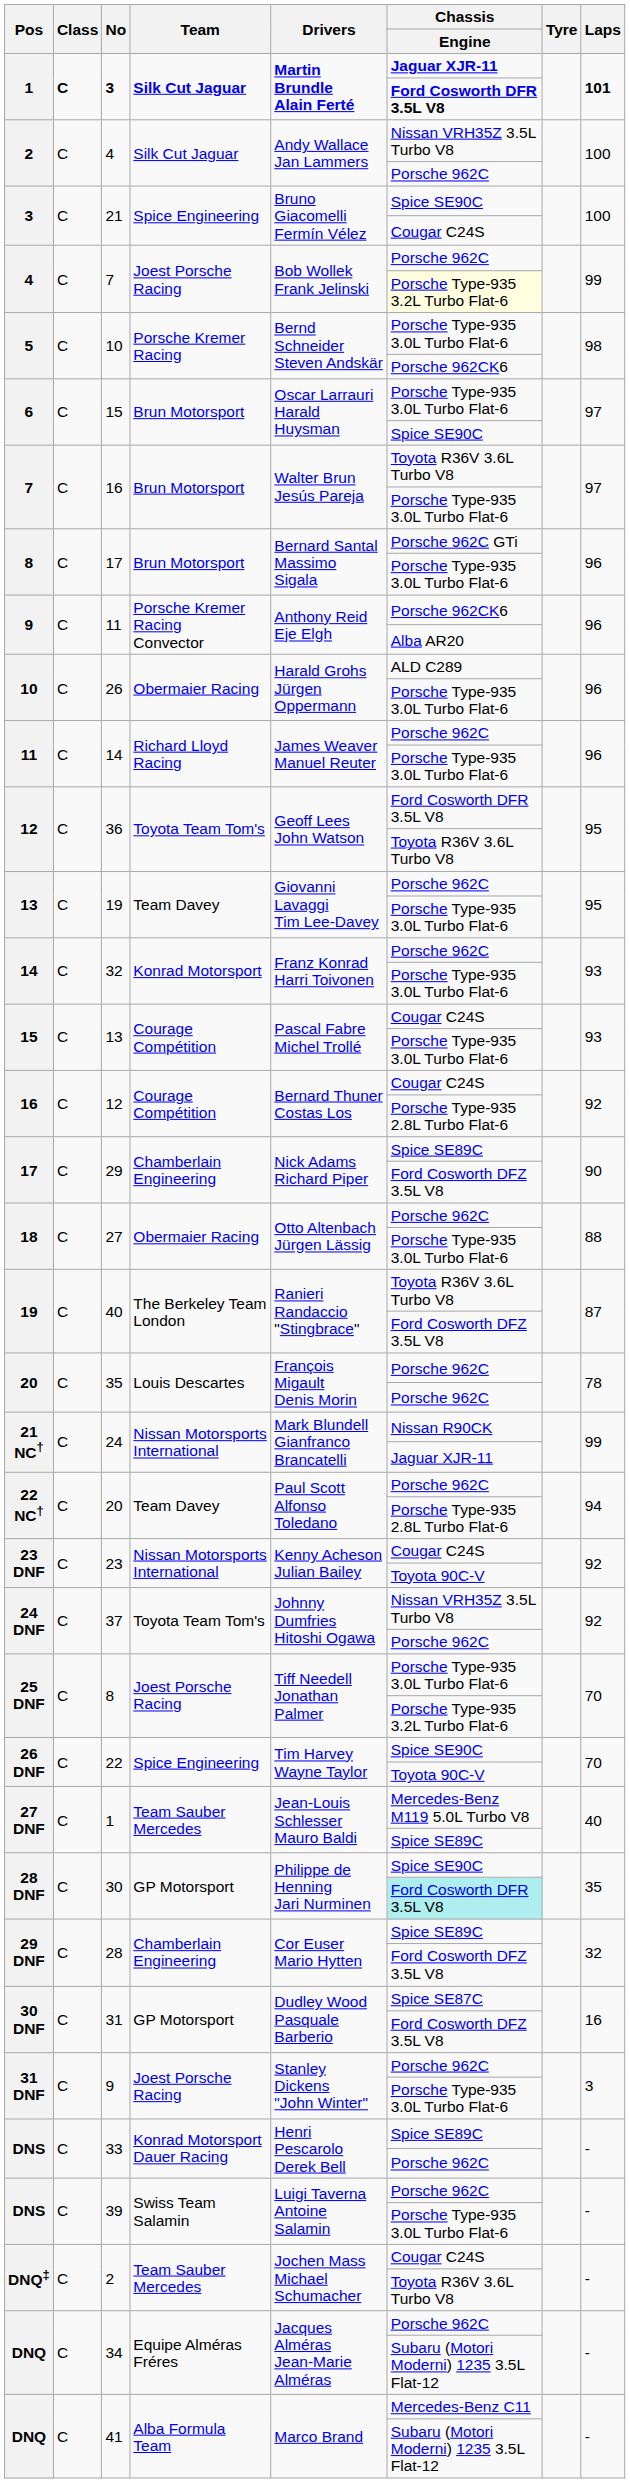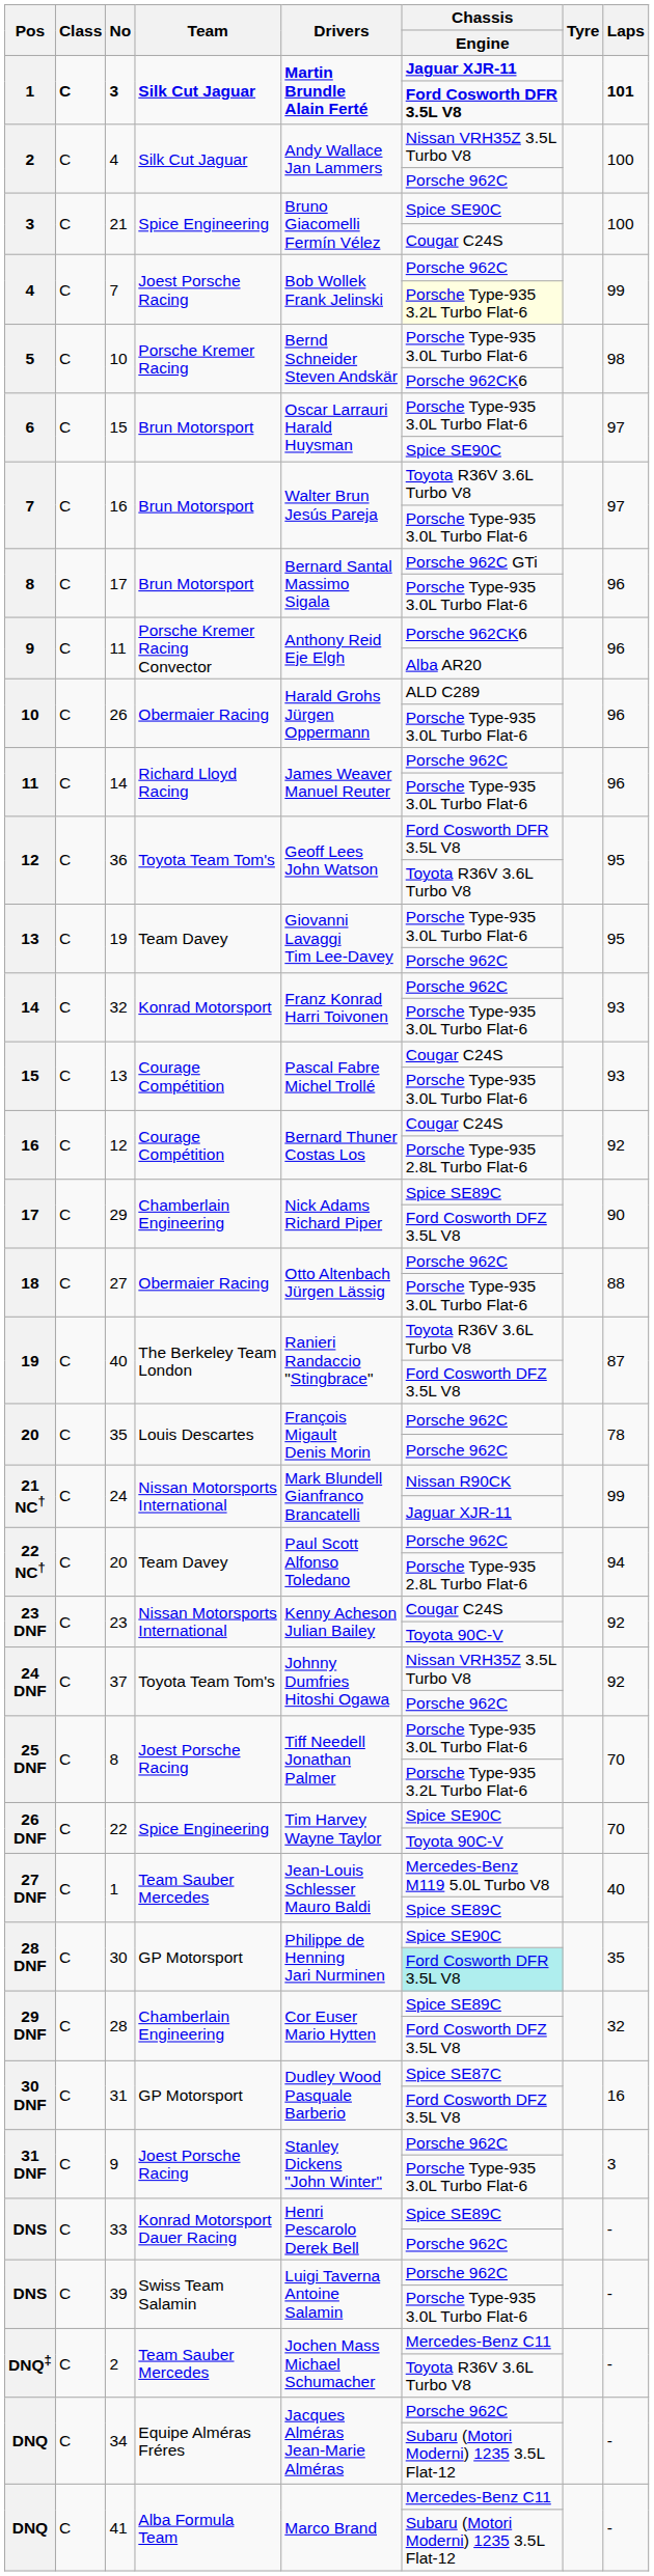 <table class="wikitable" style="font-size: 95%;">
 <tr>
 <th rowspan=2>Pos</th>
 <th rowspan=2>Class</th>
 <th rowspan=2>No</th>
 <th rowspan=2>Team</th>
 <th rowspan=2>Drivers</th>
 <th>Chassis</th>
 <th rowspan=2>Tyre</th>
 <th rowspan=2>Laps</th>
 </tr>
 <tr>
 <th>Engine</th>
 </tr>
 <tr style="font-weight:bold">
 <th rowspan=2>1</th>
 <td rowspan=2>C</td>
 <td rowspan=2>3</td>
 <td rowspan=2> <a href='#'>Silk Cut Jaguar</a></td>
 <td rowspan=2> <a href='#'>Martin Brundle</a><br> <a href='#'>Alain Ferté</a></td>
 <td><a href='#'>Jaguar XJR-11</a></td>
 <td rowspan=2></td>
 <td rowspan=2>101</td>
 </tr>
 <tr style="font-weight:bold">
 <td><a href='#'>Ford Cosworth DFR</a> 3.5L V8</td>
 </tr>
 <tr>
 <th rowspan=2>2</th>
 <td rowspan=2>C</td>
 <td rowspan=2>4</td>
 <td rowspan=2> <a href='#'>Silk Cut Jaguar</a></td>
 <td rowspan=2> <a href='#'>Andy Wallace</a><br> <a href='#'>Jan Lammers</a></td>
 <td><a href='#'>Nissan VRH35Z</a> 3.5L Turbo V8</td>
 <td rowspan=2></td>
 <td rowspan=2>100</td>
 </tr>
 <tr>
 <td><a href='#'>Porsche 962C</a></td>
 </tr>
 <tr>
 <th rowspan=2>3</th>
 <td rowspan=2>C</td>
 <td rowspan=2>21</td>
 <td rowspan=2> <a href='#'>Spice Engineering</a></td>
 <td rowspan=2> <a href='#'>Bruno Giacomelli</a><br> <a href='#'>Fermín Vélez</a></td>
 <td><a href='#'>Spice SE90C</a></td>
 <td rowspan=2></td>
 <td rowspan=2>100</td>
 </tr>
 <tr>
 <td><a href='#'>Cougar</a> C24S</td>
 </tr>
 <tr>
 <th rowspan=2>4</th>
 <td rowspan=2>C</td>
 <td rowspan=2>7</td>
 <td rowspan=2> <a href='#'>Joest Porsche Racing</a></td>
 <td rowspan=2> <a href='#'>Bob Wollek</a><br> <a href='#'>Frank Jelinski</a></td>
 <td><a href='#'>Porsche 962C</a></td>
 <td rowspan=2></td>
 <td rowspan=2>99</td>
 </tr>
 <tr>
 <td style="background: lightyellow;"><a href='#'>Porsche</a> Type-935 3.2L Turbo Flat-6</td>
 </tr>
 <tr>
 <th rowspan=2>5</th>
 <td rowspan=2>C</td>
 <td rowspan=2>10</td>
 <td rowspan=2> <a href='#'>Porsche Kremer Racing</a></td>
 <td rowspan=2> <a href='#'>Bernd Schneider</a><br> <a href='#'>Steven Andskär</a></td>
 <td><a href='#'>Porsche</a> Type-935 3.0L Turbo Flat-6</td>
 <td rowspan=2></td>
 <td rowspan=2>98</td>
 </tr>
 <tr>
 <td><a href='#'>Porsche 962CK</a>6</td>
 </tr>
 <tr>
 <th rowspan=2>6</th>
 <td rowspan=2>C</td>
 <td rowspan=2>15</td>
 <td rowspan=2> <a href='#'>Brun Motorsport</a></td>
 <td rowspan=2> <a href='#'>Oscar Larrauri</a><br> <a href='#'>Harald Huysman</a></td>
 <td><a href='#'>Porsche</a> Type-935 3.0L Turbo Flat-6</td>
 <td rowspan=2></td>
 <td rowspan=2>97</td>
 </tr>
 <tr>
 <td><a href='#'>Spice SE90C</a></td>
 </tr>
 <tr>
 <th rowspan=2>7</th>
 <td rowspan=2>C</td>
 <td rowspan=2>16</td>
 <td rowspan=2> <a href='#'>Brun Motorsport</a></td>
 <td rowspan=2> <a href='#'>Walter Brun</a><br> <a href='#'>Jesús Pareja</a></td>
 <td><a href='#'>Toyota</a> R36V 3.6L Turbo V8</td>
 <td rowspan=2></td>
 <td rowspan=2>97</td>
 </tr>
 <tr>
 <td><a href='#'>Porsche</a> Type-935 3.0L Turbo Flat-6</td>
 </tr>
 <tr>
 <th rowspan=2>8</th>
 <td rowspan=2>C</td>
 <td rowspan=2>17</td>
 <td rowspan=2> <a href='#'>Brun Motorsport</a></td>
 <td rowspan=2> <a href='#'>Bernard Santal</a><br> <a href='#'>Massimo Sigala</a></td>
 <td><a href='#'>Porsche 962C</a> GTi</td>
 <td rowspan=2></td>
 <td rowspan=2>96</td>
 </tr>
 <tr>
 <td><a href='#'>Porsche</a> Type-935 3.0L Turbo Flat-6</td>
 </tr>
 <tr>
 <th rowspan=2>9</th>
 <td rowspan=2>C</td>
 <td rowspan=2>11</td>
 <td rowspan=2> <a href='#'>Porsche Kremer Racing</a><br> Convector</td>
 <td rowspan=2> <a href='#'>Anthony Reid</a><br> <a href='#'>Eje Elgh</a></td>
 <td><a href='#'>Porsche 962CK</a>6</td>
 <td rowspan=2></td>
 <td rowspan=2>96</td>
 </tr>
 <tr>
 <td><a href='#'>Alba</a> AR20</td>
 </tr>
 <tr>
 <th rowspan=2>10</th>
 <td rowspan=2>C</td>
 <td rowspan=2>26</td>
 <td rowspan=2> <a href='#'>Obermaier Racing</a></td>
 <td rowspan=2> <a href='#'>Harald Grohs</a><br> <a href='#'>Jürgen Oppermann</a></td>
 <td>ALD C289</td>
 <td rowspan=2></td>
 <td rowspan=2>96</td>
 </tr>
 <tr>
 <td><a href='#'>Porsche</a> Type-935 3.0L Turbo Flat-6</td>
 </tr>
 <tr>
 <th rowspan=2>11</th>
 <td rowspan=2>C</td>
 <td rowspan=2>14</td>
 <td rowspan=2> <a href='#'>Richard Lloyd Racing</a></td>
 <td rowspan=2> <a href='#'>James Weaver</a><br> <a href='#'>Manuel Reuter</a></td>
 <td><a href='#'>Porsche 962C</a></td>
 <td rowspan=2></td>
 <td rowspan=2>96</td>
 </tr>
 <tr>
 <td><a href='#'>Porsche</a> Type-935 3.0L Turbo Flat-6</td>
 </tr>
 <tr>
 <th rowspan=2>12</th>
 <td rowspan=2>C</td>
 <td rowspan=2>36</td>
 <td rowspan=2> <a href='#'>Toyota Team Tom's</a></td>
 <td rowspan=2> <a href='#'>Geoff Lees</a><br> <a href='#'>John Watson</a></td>
 <td><a href='#'>Ford Cosworth DFR</a> 3.5L V8</td>
 <td rowspan=2></td>
 <td rowspan=2>95</td>
 </tr>
 <tr>
 <td><a href='#'>Toyota</a> R36V 3.6L Turbo V8</td>
 </tr>
 <tr>
 <th rowspan=2>13</th>
 <td rowspan=2>C</td>
 <td rowspan=2>19</td>
 <td rowspan=2> Team Davey</td>
 <td rowspan=2> <a href='#'>Giovanni Lavaggi</a><br> <a href='#'>Tim Lee-Davey</a></td>
-<td><a href='#'>Porsche 962C</a></td>
+<td><a href='#'>Porsche</a> Type-935 3.0L Turbo Flat-6</td>
 <td rowspan=2></td>
 <td rowspan=2>95</td>
 </tr>
 <tr>
-<td><a href='#'>Porsche</a> Type-935 3.0L Turbo Flat-6</td>
+<td><a href='#'>Porsche 962C</a></td>
 </tr>
 <tr>
 <th rowspan=2>14</th>
 <td rowspan=2>C</td>
 <td rowspan=2>32</td>
 <td rowspan=2> <a href='#'>Konrad Motorsport</a></td>
 <td rowspan=2> <a href='#'>Franz Konrad</a><br> <a href='#'>Harri Toivonen</a></td>
 <td><a href='#'>Porsche 962C</a></td>
 <td rowspan=2></td>
 <td rowspan=2>93</td>
 </tr>
 <tr>
 <td><a href='#'>Porsche</a> Type-935 3.0L Turbo Flat-6</td>
 </tr>
 <tr>
 <th rowspan=2>15</th>
 <td rowspan=2>C</td>
 <td rowspan=2>13</td>
 <td rowspan=2> <a href='#'>Courage Compétition</a></td>
 <td rowspan=2> <a href='#'>Pascal Fabre</a><br> <a href='#'>Michel Trollé</a></td>
 <td><a href='#'>Cougar</a> C24S</td>
 <td rowspan=2></td>
 <td rowspan=2>93</td>
 </tr>
 <tr>
 <td><a href='#'>Porsche</a> Type-935 3.0L Turbo Flat-6</td>
 </tr>
 <tr>
 <th rowspan=2>16</th>
 <td rowspan=2>C</td>
 <td rowspan=2>12</td>
 <td rowspan=2> <a href='#'>Courage Compétition</a></td>
 <td rowspan=2> <a href='#'>Bernard Thuner</a><br> <a href='#'>Costas Los</a></td>
 <td><a href='#'>Cougar</a> C24S</td>
 <td rowspan=2></td>
 <td rowspan=2>92</td>
 </tr>
 <tr>
 <td><a href='#'>Porsche</a> Type-935 2.8L Turbo Flat-6</td>
 </tr>
 <tr>
 <th rowspan=2>17</th>
 <td rowspan=2>C</td>
 <td rowspan=2>29</td>
 <td rowspan=2> <a href='#'>Chamberlain Engineering</a></td>
 <td rowspan=2> <a href='#'>Nick Adams</a><br> <a href='#'>Richard Piper</a></td>
 <td><a href='#'>Spice SE89C</a></td>
 <td rowspan=2></td>
 <td rowspan=2>90</td>
 </tr>
 <tr>
 <td><a href='#'>Ford Cosworth DFZ</a> 3.5L V8</td>
 </tr>
 <tr>
 <th rowspan=2>18</th>
 <td rowspan=2>C</td>
 <td rowspan=2>27</td>
 <td rowspan=2> <a href='#'>Obermaier Racing</a></td>
 <td rowspan=2> <a href='#'>Otto Altenbach</a><br> <a href='#'>Jürgen Lässig</a></td>
 <td><a href='#'>Porsche 962C</a></td>
 <td rowspan=2></td>
 <td rowspan=2>88</td>
 </tr>
 <tr>
 <td><a href='#'>Porsche</a> Type-935 3.0L Turbo Flat-6</td>
 </tr>
 <tr>
 <th rowspan=2>19</th>
 <td rowspan=2>C</td>
 <td rowspan=2>40</td>
 <td rowspan=2> The Berkeley Team London</td>
 <td rowspan=2> <a href='#'>Ranieri Randaccio</a><br> "<a href='#'>Stingbrace</a>"</td>
 <td><a href='#'>Toyota</a> R36V 3.6L Turbo V8</td>
 <td rowspan=2></td>
 <td rowspan=2>87</td>
 </tr>
 <tr>
 <td><a href='#'>Ford Cosworth DFZ</a> 3.5L V8</td>
 </tr>
 <tr>
 <th rowspan=2>20</th>
 <td rowspan=2>C</td>
 <td rowspan=2>35</td>
 <td rowspan=2> Louis Descartes</td>
 <td rowspan=2> <a href='#'>François Migault</a><br> <a href='#'>Denis Morin</a></td>
 <td><a href='#'>Porsche 962C</a></td>
 <td rowspan=2></td>
 <td rowspan=2>78</td>
 </tr>
 <tr>
 <td><a href='#'>Porsche 962C</a></td>
 </tr>
 <tr>
 <th rowspan=2>21<br>NC<sup>†</sup></th>
 <td rowspan=2>C</td>
 <td rowspan=2>24</td>
 <td rowspan=2> <a href='#'>Nissan Motorsports International</a></td>
 <td rowspan=2> <a href='#'>Mark Blundell</a><br> <a href='#'>Gianfranco Brancatelli</a></td>
 <td><a href='#'>Nissan R90CK</a></td>
 <td rowspan=2></td>
 <td rowspan=2>99</td>
 </tr>
 <tr>
 <td><a href='#'>Jaguar XJR-11</a></td>
 </tr>
 <tr>
 <th rowspan=2>22<br>NC<sup>†</sup></th>
 <td rowspan=2>C</td>
 <td rowspan=2>20</td>
 <td rowspan=2> Team Davey</td>
 <td rowspan=2> <a href='#'>Paul Scott</a><br> <a href='#'>Alfonso Toledano</a></td>
 <td><a href='#'>Porsche 962C</a></td>
 <td rowspan=2></td>
 <td rowspan=2>94</td>
 </tr>
 <tr>
 <td><a href='#'>Porsche</a> Type-935 2.8L Turbo Flat-6</td>
 </tr>
 <tr>
 <th rowspan=2>23<br>DNF</th>
 <td rowspan=2>C</td>
 <td rowspan=2>23</td>
 <td rowspan=2> <a href='#'>Nissan Motorsports International</a></td>
 <td rowspan=2> <a href='#'>Kenny Acheson</a><br> <a href='#'>Julian Bailey</a></td>
 <td><a href='#'>Cougar</a> C24S</td>
 <td rowspan=2></td>
 <td rowspan=2>92</td>
 </tr>
 <tr>
 <td><a href='#'>Toyota 90C-V</a></td>
 </tr>
 <tr>
 <th rowspan=2>24<br>DNF</th>
 <td rowspan=2>C</td>
 <td rowspan=2>37</td>
 <td rowspan=2> Toyota Team Tom's</td>
 <td rowspan=2> <a href='#'>Johnny Dumfries</a><br> <a href='#'>Hitoshi Ogawa</a></td>
 <td><a href='#'>Nissan VRH35Z</a> 3.5L Turbo V8</td>
 <td rowspan=2></td>
 <td rowspan=2>92</td>
 </tr>
 <tr>
 <td><a href='#'>Porsche 962C</a></td>
 </tr>
 <tr>
 <th rowspan=2>25<br>DNF</th>
 <td rowspan=2>C</td>
 <td rowspan=2>8</td>
 <td rowspan=2> <a href='#'>Joest Porsche Racing</a></td>
 <td rowspan=2> <a href='#'>Tiff Needell</a><br> <a href='#'>Jonathan Palmer</a></td>
 <td><a href='#'>Porsche</a> Type-935 3.0L Turbo Flat-6</td>
 <td rowspan=2></td>
 <td rowspan=2>70</td>
 </tr>
 <tr>
 <td><a href='#'>Porsche</a> Type-935 3.2L Turbo Flat-6</td>
 </tr>
 <tr>
 <th rowspan=2>26<br>DNF</th>
 <td rowspan=2>C</td>
 <td rowspan=2>22</td>
 <td rowspan=2> <a href='#'>Spice Engineering</a></td>
 <td rowspan=2> <a href='#'>Tim Harvey</a><br> <a href='#'>Wayne Taylor</a></td>
 <td><a href='#'>Spice SE90C</a></td>
 <td rowspan=2></td>
 <td rowspan=2>70</td>
 </tr>
 <tr>
 <td><a href='#'>Toyota 90C-V</a></td>
 </tr>
 <tr>
 <th rowspan=2>27<br>DNF</th>
 <td rowspan=2>C</td>
 <td rowspan=2>1</td>
 <td rowspan=2> <a href='#'>Team Sauber Mercedes</a></td>
 <td rowspan=2> <a href='#'>Jean-Louis Schlesser</a><br> <a href='#'>Mauro Baldi</a></td>
 <td><a href='#'>Mercedes-Benz M119</a> 5.0L Turbo V8</td>
 <td rowspan=2></td>
 <td rowspan=2>40</td>
 </tr>
 <tr>
 <td><a href='#'>Spice SE89C</a></td>
 </tr>
 <tr>
 <th rowspan=2>28<br>DNF</th>
 <td rowspan=2>C</td>
 <td rowspan=2>30</td>
 <td rowspan=2> GP Motorsport</td>
 <td rowspan=2> <a href='#'>Philippe de Henning</a><br> <a href='#'>Jari Nurminen</a></td>
 <td><a href='#'>Spice SE90C</a></td>
 <td rowspan=2></td>
 <td rowspan=2>35</td>
 </tr>
 <tr>
 <td style="background: paleturquoise;"><a href='#'>Ford Cosworth DFR</a> 3.5L V8</td>
 </tr>
 <tr>
 <th rowspan=2>29<br>DNF</th>
 <td rowspan=2>C</td>
 <td rowspan=2>28</td>
 <td rowspan=2> <a href='#'>Chamberlain Engineering</a></td>
 <td rowspan=2> <a href='#'>Cor Euser</a><br> <a href='#'>Mario Hytten</a></td>
 <td><a href='#'>Spice SE89C</a></td>
 <td rowspan=2></td>
 <td rowspan=2>32</td>
 </tr>
 <tr>
 <td><a href='#'>Ford Cosworth DFZ</a> 3.5L V8</td>
 </tr>
 <tr>
 <th rowspan=2>30<br>DNF</th>
 <td rowspan=2>C</td>
 <td rowspan=2>31</td>
 <td rowspan=2> GP Motorsport</td>
 <td rowspan=2> <a href='#'>Dudley Wood</a><br> <a href='#'>Pasquale Barberio</a></td>
 <td><a href='#'>Spice SE87C</a></td>
 <td rowspan=2></td>
 <td rowspan=2>16</td>
 </tr>
 <tr>
 <td><a href='#'>Ford Cosworth DFZ</a> 3.5L V8</td>
 </tr>
 <tr>
 <th rowspan=2>31<br>DNF</th>
 <td rowspan=2>C</td>
 <td rowspan=2>9</td>
 <td rowspan=2> <a href='#'>Joest Porsche Racing</a></td>
 <td rowspan=2> <a href='#'>Stanley Dickens</a><br> <a href='#'>"John Winter"</a></td>
 <td><a href='#'>Porsche 962C</a></td>
 <td rowspan=2></td>
 <td rowspan=2>3</td>
 </tr>
 <tr>
 <td><a href='#'>Porsche</a> Type-935 3.0L Turbo Flat-6</td>
 </tr>
 <tr>
 <th rowspan=2>DNS</th>
 <td rowspan=2>C</td>
 <td rowspan=2>33</td>
 <td rowspan=2> <a href='#'>Konrad Motorsport</a><br> <a href='#'>Dauer Racing</a></td>
 <td rowspan=2> <a href='#'>Henri Pescarolo</a><br> <a href='#'>Derek Bell</a></td>
 <td><a href='#'>Spice SE89C</a></td>
 <td rowspan=2></td>
 <td rowspan=2>-</td>
 </tr>
 <tr>
 <td><a href='#'>Porsche 962C</a></td>
 </tr>
 <tr>
 <th rowspan=2>DNS</th>
 <td rowspan=2>C</td>
 <td rowspan=2>39</td>
 <td rowspan=2> Swiss Team Salamin</td>
 <td rowspan=2> <a href='#'>Luigi Taverna</a><br> <a href='#'>Antoine Salamin</a></td>
 <td><a href='#'>Porsche 962C</a></td>
 <td rowspan=2></td>
 <td rowspan=2>-</td>
 </tr>
 <tr>
 <td><a href='#'>Porsche</a> Type-935 3.0L Turbo Flat-6</td>
 </tr>
 <tr>
 <th rowspan=2>DNQ<sup>‡</sup></th>
 <td rowspan=2>C</td>
 <td rowspan=2>2</td>
 <td rowspan=2> <a href='#'>Team Sauber Mercedes</a></td>
 <td rowspan=2> <a href='#'>Jochen Mass</a><br> <a href='#'>Michael Schumacher</a></td>
-<td><a href='#'>Cougar</a> C24S</td>
+<td><a href='#'>Mercedes-Benz C11</a></td>
 <td rowspan=2></td>
 <td rowspan=2>-</td>
 </tr>
 <tr>
 <td><a href='#'>Toyota</a> R36V 3.6L Turbo V8</td>
 </tr>
 <tr>
 <th rowspan=2>DNQ</th>
 <td rowspan=2>C</td>
 <td rowspan=2>34</td>
 <td rowspan=2> Equipe Alméras Fréres</td>
 <td rowspan=2> <a href='#'>Jacques Alméras</a><br> <a href='#'>Jean-Marie Alméras</a></td>
 <td><a href='#'>Porsche 962C</a></td>
 <td rowspan=2></td>
 <td rowspan=2>-</td>
 </tr>
 <tr>
 <td><a href='#'>Subaru</a> (<a href='#'>Motori Moderni</a>) <a href='#'>1235</a> 3.5L Flat-12</td>
 </tr>
 <tr>
 <th rowspan=2>DNQ</th>
 <td rowspan=2>C</td>
 <td rowspan=2>41</td>
 <td rowspan=2> <a href='#'>Alba Formula Team</a></td>
 <td rowspan=2> <a href='#'>Marco Brand</a></td>
 <td><a href='#'>Mercedes-Benz C11</a></td>
 <td rowspan=2></td>
 <td rowspan=2>-</td>
 </tr>
 <tr>
 <td><a href='#'>Subaru</a> (<a href='#'>Motori Moderni</a>) <a href='#'>1235</a> 3.5L Flat-12</td>
 </tr>
 </table>
